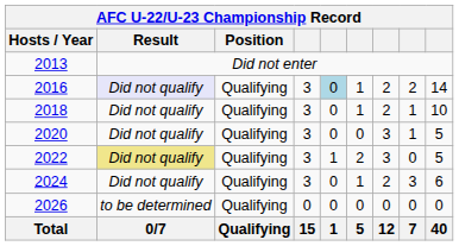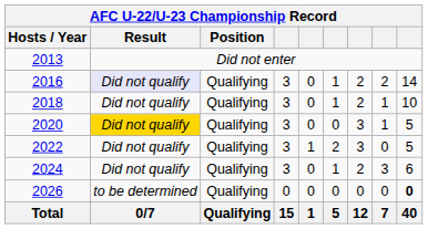 <table class="wikitable" style="text-align: center;font-size:95%;">
 <tr>
 <th colspan=9><a href='#'>AFC U-22/U-23 Championship</a> Record</th>
 </tr>
 <tr>
 <th>Hosts / Year</th>
 <th>Result</th>
 <th>Position</th>
 <th width=20></th>
 <th width=20></th>
 <th width=20></th>
 <th width=20></th>
 <th width=20></th>
 <th width=20></th>
 </tr>
 <tr>
 <td> <a href='#'>2013</a></td>
 <td colspan=8><em>Did not enter</em></td>
 </tr>
 <tr>
 <td> <a href='#'>2016</a></td>
 <td style="background: lavender;"><em>Did not qualify</em></td>
 <td>Qualifying</td>
 <td>3</td>
-<td style="background: lightblue;">0</td>
+<td>0</td>
 <td>1</td>
 <td>2</td>
 <td>2</td>
 <td>14</td>
 </tr>
 <tr>
 <td> <a href='#'>2018</a></td>
 <td><em>Did not qualify</em></td>
 <td>Qualifying</td>
 <td>3</td>
 <td>0</td>
 <td>1</td>
 <td>2</td>
 <td>1</td>
 <td>10</td>
 </tr>
 <tr>
 <td> <a href='#'>2020</a></td>
-<td><em>Did not qualify</em></td>
+<td style="background: gold;"><em>Did not qualify</em></td>
 <td>Qualifying</td>
 <td>3</td>
 <td>0</td>
 <td>0</td>
 <td>3</td>
 <td>1</td>
 <td>5</td>
 </tr>
 <tr>
 <td> <a href='#'>2022</a></td>
-<td style="background: khaki;"><em>Did not qualify</em></td>
+<td><em>Did not qualify</em></td>
 <td>Qualifying</td>
 <td>3</td>
 <td>1</td>
 <td>2</td>
 <td>3</td>
 <td>0</td>
 <td>5</td>
 </tr>
 <tr>
 <td> <a href='#'>2024</a></td>
 <td><em>Did not qualify</em></td>
 <td>Qualifying</td>
 <td>3</td>
 <td>0</td>
 <td>1</td>
 <td>2</td>
 <td>3</td>
 <td>6</td>
 </tr>
 <tr>
 <td> <a href='#'>2026</a></td>
 <td><em>to be determined</em></td>
 <td>Qualifying</td>
 <td>0</td>
 <td>0</td>
 <td>0</td>
 <td>0</td>
 <td>0</td>
-<td>0</td>
+<td><strong>0</strong></td>
 </tr>
 <tr>
 <th>Total</th>
 <th>0/7</th>
 <th>Qualifying</th>
 <th>15</th>
 <th>1</th>
 <th>5</th>
 <th>12</th>
 <th>7</th>
 <th>40</th>
 </tr>
 </table>
